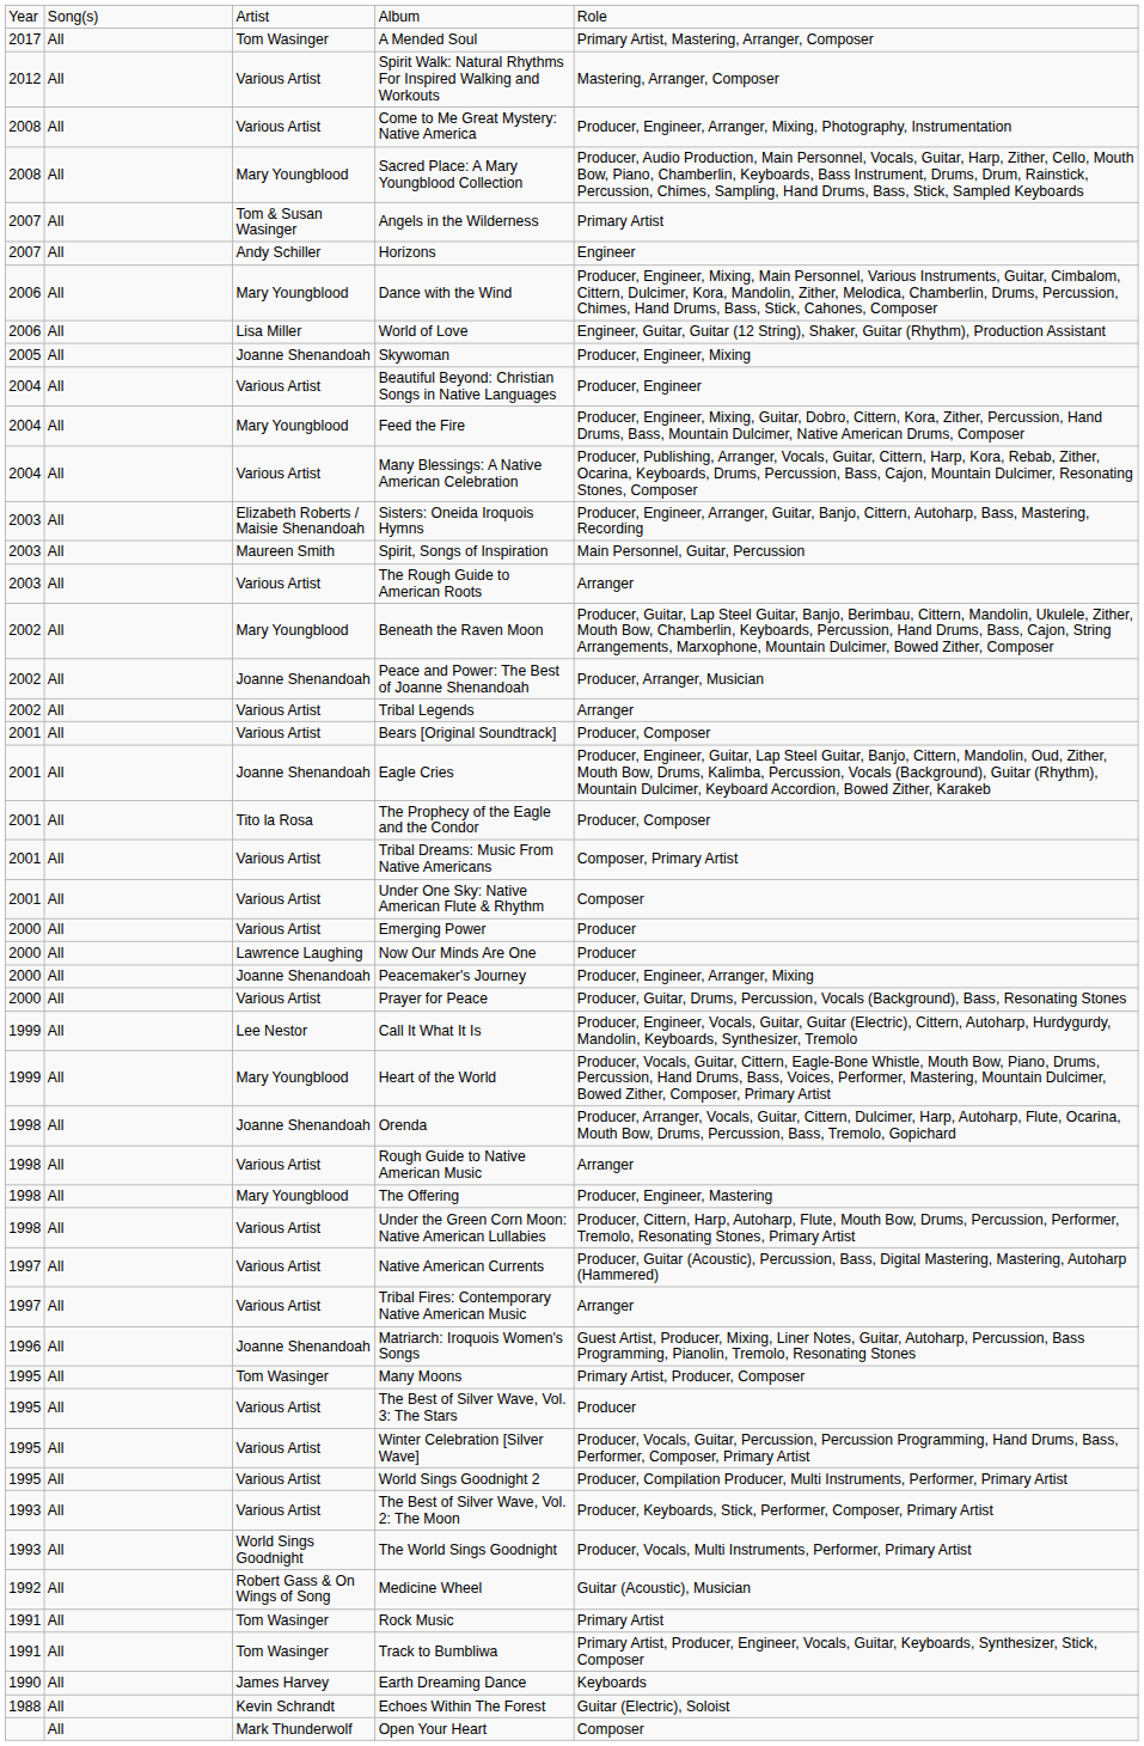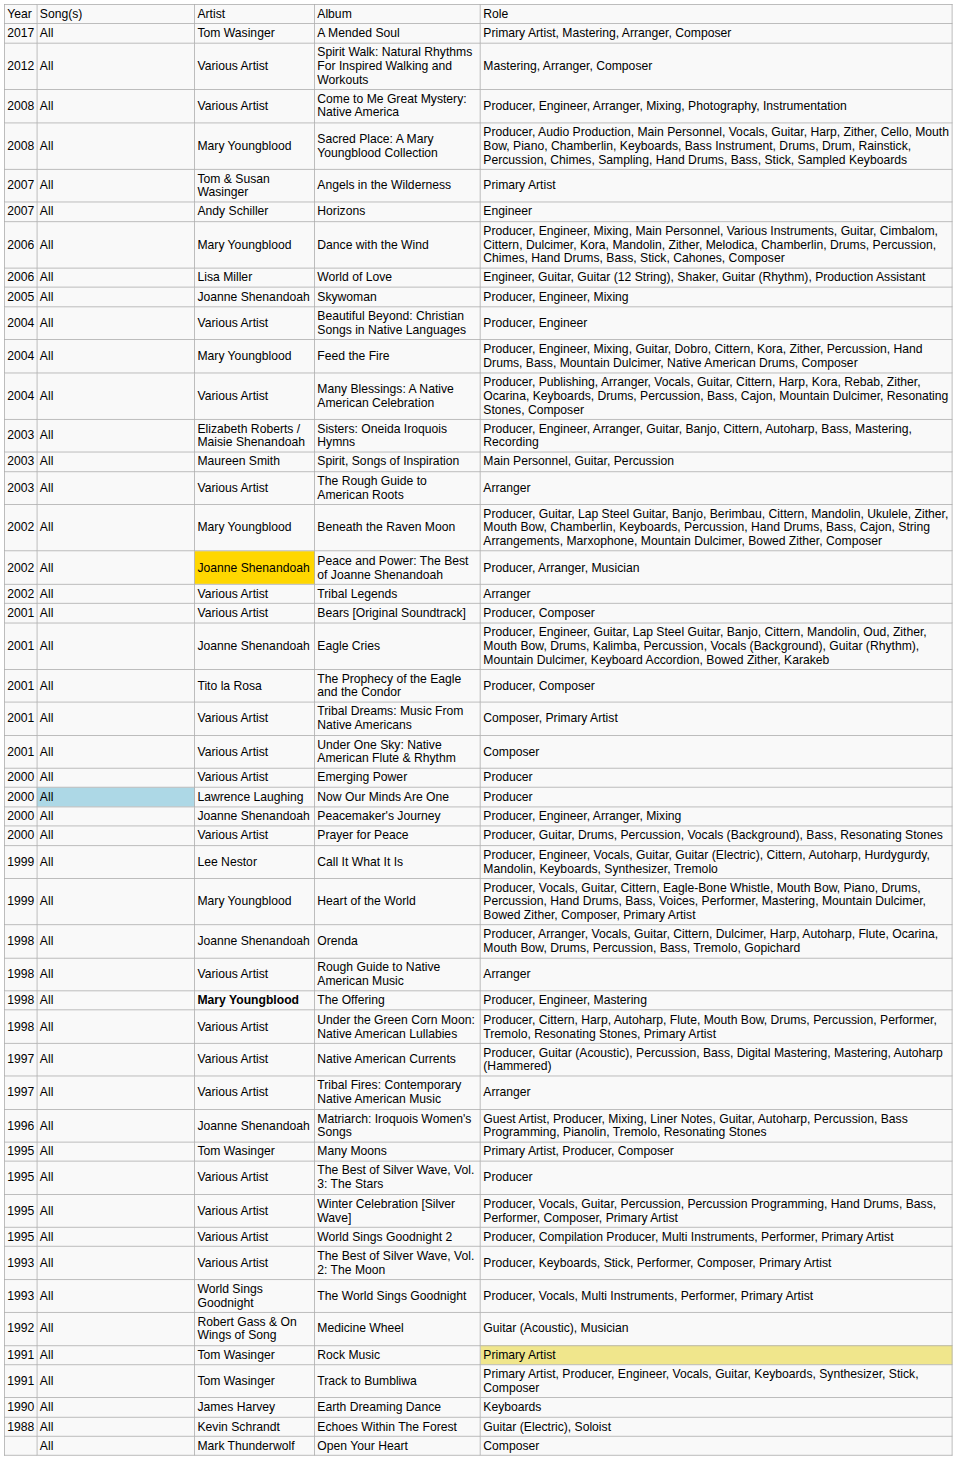 <table class="wikitable">
 <tr>
 <td>Year</td>
 <td style="width:200px;">Song(s)</td>
 <td>Artist</td>
 <td>Album</td>
 <td>Role</td>
 </tr>
 <tr>
 <td>2017</td>
 <td style="width:200px;">All</td>
 <td>Tom Wasinger</td>
 <td>A Mended Soul</td>
 <td>Primary Artist, Mastering, Arranger, Composer</td>
 </tr>
 <tr>
 <td>2012</td>
 <td style="width:200px;">All</td>
 <td>Various Artist</td>
 <td>Spirit Walk: Natural Rhythms For Inspired Walking and Workouts</td>
 <td>Mastering, Arranger, Composer</td>
 </tr>
 <tr>
 <td>2008</td>
 <td style="width:200px;">All</td>
 <td>Various Artist</td>
 <td>Come to Me Great Mystery: Native America</td>
 <td>Producer, Engineer, Arranger, Mixing, Photography, Instrumentation</td>
 </tr>
 <tr>
 <td>2008</td>
 <td style="width:200px;">All</td>
 <td>Mary Youngblood</td>
 <td>Sacred Place: A Mary Youngblood Collection</td>
 <td>Producer, Audio Production, Main Personnel, Vocals, Guitar, Harp, Zither, Cello, Mouth Bow, Piano, Chamberlin, Keyboards, Bass Instrument, Drums, Drum, Rainstick, Percussion, Chimes, Sampling, Hand Drums, Bass, Stick, Sampled Keyboards</td>
 </tr>
 <tr>
 <td>2007</td>
 <td style="width:200px;">All</td>
 <td>Tom & Susan Wasinger</td>
 <td>Angels in the Wilderness</td>
 <td>Primary Artist</td>
 </tr>
 <tr>
 <td>2007</td>
 <td style="width:200px;">All</td>
 <td>Andy Schiller</td>
 <td>Horizons</td>
 <td>Engineer</td>
 </tr>
 <tr>
 <td>2006</td>
 <td style="width:200px;">All</td>
 <td>Mary Youngblood</td>
 <td>Dance with the Wind</td>
 <td>Producer, Engineer, Mixing, Main Personnel, Various Instruments, Guitar, Cimbalom, Cittern, Dulcimer, Kora, Mandolin, Zither, Melodica, Chamberlin, Drums, Percussion, Chimes, Hand Drums, Bass, Stick, Cahones, Composer</td>
 </tr>
 <tr>
 <td>2006</td>
 <td style="width:200px;">All</td>
 <td>Lisa Miller</td>
 <td>World of Love</td>
 <td>Engineer, Guitar, Guitar (12 String), Shaker, Guitar (Rhythm), Production Assistant</td>
 </tr>
 <tr>
 <td>2005</td>
 <td style="width:200px;">All</td>
 <td>Joanne Shenandoah</td>
 <td>Skywoman</td>
 <td>Producer, Engineer, Mixing</td>
 </tr>
 <tr>
 <td>2004</td>
 <td style="width:200px;">All</td>
 <td>Various Artist</td>
 <td>Beautiful Beyond: Christian Songs in Native Languages</td>
 <td>Producer, Engineer</td>
 </tr>
 <tr>
 <td>2004</td>
 <td style="width:200px;">All</td>
 <td>Mary Youngblood</td>
 <td>Feed the Fire</td>
 <td>Producer, Engineer, Mixing, Guitar, Dobro, Cittern, Kora, Zither, Percussion, Hand Drums, Bass, Mountain Dulcimer, Native American Drums, Composer</td>
 </tr>
 <tr>
 <td>2004</td>
 <td style="width:200px;">All</td>
 <td>Various Artist</td>
 <td>Many Blessings: A Native American Celebration</td>
 <td>Producer, Publishing, Arranger, Vocals, Guitar, Cittern, Harp, Kora, Rebab, Zither, Ocarina, Keyboards, Drums, Percussion, Bass, Cajon, Mountain Dulcimer, Resonating Stones, Composer</td>
 </tr>
 <tr>
 <td>2003</td>
 <td style="width:200px;">All</td>
 <td>Elizabeth Roberts / Maisie Shenandoah</td>
 <td>Sisters: Oneida Iroquois Hymns</td>
 <td>Producer, Engineer, Arranger, Guitar, Banjo, Cittern, Autoharp, Bass, Mastering, Recording</td>
 </tr>
 <tr>
 <td>2003</td>
 <td style="width:200px;">All</td>
 <td>Maureen Smith</td>
 <td>Spirit, Songs of Inspiration</td>
 <td>Main Personnel, Guitar, Percussion</td>
 </tr>
 <tr>
 <td>2003</td>
 <td style="width:200px;">All</td>
 <td>Various Artist</td>
 <td>The Rough Guide to American Roots</td>
 <td>Arranger</td>
 </tr>
 <tr>
 <td>2002</td>
 <td style="width:200px;">All</td>
 <td>Mary Youngblood</td>
 <td>Beneath the Raven Moon</td>
 <td>Producer, Guitar, Lap Steel Guitar, Banjo, Berimbau, Cittern, Mandolin, Ukulele, Zither, Mouth Bow, Chamberlin, Keyboards, Percussion, Hand Drums, Bass, Cajon, String Arrangements, Marxophone, Mountain Dulcimer, Bowed Zither, Composer</td>
 </tr>
 <tr>
 <td>2002</td>
 <td style="width:200px;">All</td>
-<td>Joanne Shenandoah</td>
+<td style="background: gold;">Joanne Shenandoah</td>
 <td>Peace and Power: The Best of Joanne Shenandoah</td>
 <td>Producer, Arranger, Musician</td>
 </tr>
 <tr>
 <td>2002</td>
 <td style="width:200px;">All</td>
 <td>Various Artist</td>
 <td>Tribal Legends</td>
 <td>Arranger</td>
 </tr>
 <tr>
 <td>2001</td>
 <td style="width:200px;">All</td>
 <td>Various Artist</td>
 <td>Bears [Original Soundtrack]</td>
 <td>Producer, Composer</td>
 </tr>
 <tr>
 <td>2001</td>
 <td style="width:200px;">All</td>
 <td>Joanne Shenandoah</td>
 <td>Eagle Cries</td>
 <td>Producer, Engineer, Guitar, Lap Steel Guitar, Banjo, Cittern, Mandolin, Oud, Zither, Mouth Bow, Drums, Kalimba, Percussion, Vocals (Background), Guitar (Rhythm), Mountain Dulcimer, Keyboard Accordion, Bowed Zither, Karakeb</td>
 </tr>
 <tr>
 <td>2001</td>
 <td style="width:200px;">All</td>
 <td>Tito la Rosa</td>
 <td>The Prophecy of the Eagle and the Condor</td>
 <td>Producer, Composer</td>
 </tr>
 <tr>
 <td>2001</td>
 <td style="width:200px;">All</td>
 <td>Various Artist</td>
 <td>Tribal Dreams: Music From Native Americans</td>
 <td>Composer, Primary Artist</td>
 </tr>
 <tr>
 <td>2001</td>
 <td style="width:200px;">All</td>
 <td>Various Artist</td>
 <td>Under One Sky: Native American Flute & Rhythm</td>
 <td>Composer</td>
 </tr>
 <tr>
 <td>2000</td>
 <td style="width:200px;">All</td>
 <td>Various Artist</td>
 <td>Emerging Power</td>
 <td>Producer</td>
 </tr>
 <tr>
 <td>2000</td>
-<td style="width:200px;">All</td>
+<td style="background: lightblue; width:200px;">All</td>
 <td>Lawrence Laughing</td>
 <td>Now Our Minds Are One</td>
 <td>Producer</td>
 </tr>
 <tr>
 <td>2000</td>
 <td style="width:200px;">All</td>
 <td>Joanne Shenandoah</td>
 <td>Peacemaker's Journey</td>
 <td>Producer, Engineer, Arranger, Mixing</td>
 </tr>
 <tr>
 <td>2000</td>
 <td style="width:200px;">All</td>
 <td>Various Artist</td>
 <td>Prayer for Peace</td>
 <td>Producer, Guitar, Drums, Percussion, Vocals (Background), Bass, Resonating Stones</td>
 </tr>
 <tr>
 <td>1999</td>
 <td style="width:200px;">All</td>
 <td>Lee Nestor</td>
 <td>Call It What It Is</td>
 <td>Producer, Engineer, Vocals, Guitar, Guitar (Electric), Cittern, Autoharp, Hurdygurdy, Mandolin, Keyboards, Synthesizer, Tremolo</td>
 </tr>
 <tr>
 <td>1999</td>
 <td style="width:200px;">All</td>
 <td>Mary Youngblood</td>
 <td>Heart of the World</td>
 <td>Producer, Vocals, Guitar, Cittern, Eagle-Bone Whistle, Mouth Bow, Piano, Drums, Percussion, Hand Drums, Bass, Voices, Performer, Mastering, Mountain Dulcimer, Bowed Zither, Composer, Primary Artist</td>
 </tr>
 <tr>
 <td>1998</td>
 <td style="width:200px;">All</td>
 <td>Joanne Shenandoah</td>
 <td>Orenda</td>
 <td>Producer, Arranger, Vocals, Guitar, Cittern, Dulcimer, Harp, Autoharp, Flute, Ocarina, Mouth Bow, Drums, Percussion, Bass, Tremolo, Gopichard</td>
 </tr>
 <tr>
 <td>1998</td>
 <td style="width:200px;">All</td>
 <td>Various Artist</td>
 <td>Rough Guide to Native American Music</td>
 <td>Arranger</td>
 </tr>
 <tr>
 <td>1998</td>
 <td style="width:200px;">All</td>
-<td>Mary Youngblood</td>
+<td><strong>Mary Youngblood</strong></td>
 <td>The Offering</td>
 <td>Producer, Engineer, Mastering</td>
 </tr>
 <tr>
 <td>1998</td>
 <td style="width:200px;">All</td>
 <td>Various Artist</td>
 <td>Under the Green Corn Moon: Native American Lullabies</td>
 <td>Producer, Cittern, Harp, Autoharp, Flute, Mouth Bow, Drums, Percussion, Performer, Tremolo, Resonating Stones, Primary Artist</td>
 </tr>
 <tr>
 <td>1997</td>
 <td style="width:200px;">All</td>
 <td>Various Artist</td>
 <td>Native American Currents</td>
 <td>Producer, Guitar (Acoustic), Percussion, Bass, Digital Mastering, Mastering, Autoharp (Hammered)</td>
 </tr>
 <tr>
 <td>1997</td>
 <td style="width:200px;">All</td>
 <td>Various Artist</td>
 <td>Tribal Fires: Contemporary Native American Music</td>
 <td>Arranger</td>
 </tr>
 <tr>
 <td>1996</td>
 <td style="width:200px;">All</td>
 <td>Joanne Shenandoah</td>
 <td>Matriarch: Iroquois Women's Songs</td>
 <td>Guest Artist, Producer, Mixing, Liner Notes, Guitar, Autoharp, Percussion, Bass Programming, Pianolin, Tremolo, Resonating Stones</td>
 </tr>
 <tr>
 <td>1995</td>
 <td style="width:200px;">All</td>
 <td>Tom Wasinger</td>
 <td>Many Moons</td>
 <td>Primary Artist, Producer, Composer</td>
 </tr>
 <tr>
 <td>1995</td>
 <td style="width:200px;">All</td>
 <td>Various Artist</td>
 <td>The Best of Silver Wave, Vol. 3: The Stars</td>
 <td>Producer</td>
 </tr>
 <tr>
 <td>1995</td>
 <td style="width:200px;">All</td>
 <td>Various Artist</td>
 <td>Winter Celebration [Silver Wave]</td>
 <td>Producer, Vocals, Guitar, Percussion, Percussion Programming, Hand Drums, Bass, Performer, Composer, Primary Artist</td>
 </tr>
 <tr>
 <td>1995</td>
 <td style="width:200px;">All</td>
 <td>Various Artist</td>
 <td>World Sings Goodnight 2</td>
 <td>Producer, Compilation Producer, Multi Instruments, Performer, Primary Artist</td>
 </tr>
 <tr>
 <td>1993</td>
 <td style="width:200px;">All</td>
 <td>Various Artist</td>
 <td>The Best of Silver Wave, Vol. 2: The Moon</td>
 <td>Producer, Keyboards, Stick, Performer, Composer, Primary Artist</td>
 </tr>
 <tr>
 <td>1993</td>
 <td style="width:200px;">All</td>
 <td>World Sings Goodnight</td>
 <td>The World Sings Goodnight</td>
 <td>Producer, Vocals, Multi Instruments, Performer, Primary Artist</td>
 </tr>
 <tr>
 <td>1992</td>
 <td style="width:200px;">All</td>
 <td>Robert Gass & On Wings of Song</td>
 <td>Medicine Wheel</td>
 <td>Guitar (Acoustic), Musician</td>
 </tr>
 <tr>
 <td>1991</td>
 <td style="width:200px;">All</td>
 <td>Tom Wasinger</td>
 <td>Rock Music</td>
-<td>Primary Artist</td>
+<td style="background: khaki;">Primary Artist</td>
 </tr>
 <tr>
 <td>1991</td>
 <td style="width:200px;">All</td>
 <td>Tom Wasinger</td>
 <td>Track to Bumbliwa</td>
 <td>Primary Artist, Producer, Engineer, Vocals, Guitar, Keyboards, Synthesizer, Stick, Composer</td>
 </tr>
 <tr>
 <td>1990</td>
 <td style="width:200px;">All</td>
 <td>James Harvey</td>
 <td>Earth Dreaming Dance</td>
 <td>Keyboards</td>
 </tr>
 <tr>
 <td>1988</td>
 <td style="width:200px;">All</td>
 <td>Kevin Schrandt</td>
 <td>Echoes Within The Forest</td>
 <td>Guitar (Electric), Soloist</td>
 </tr>
 <tr>
 <td></td>
 <td style="width:200px;">All</td>
 <td>Mark Thunderwolf</td>
 <td>Open Your Heart</td>
 <td>Composer</td>
 </tr>
 </table>
